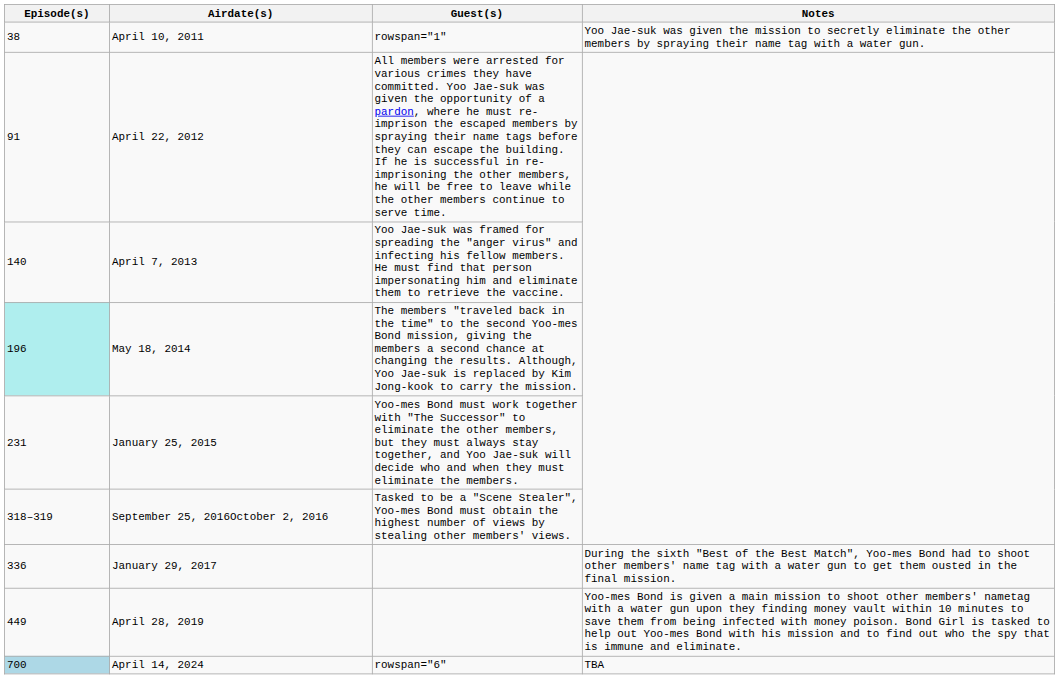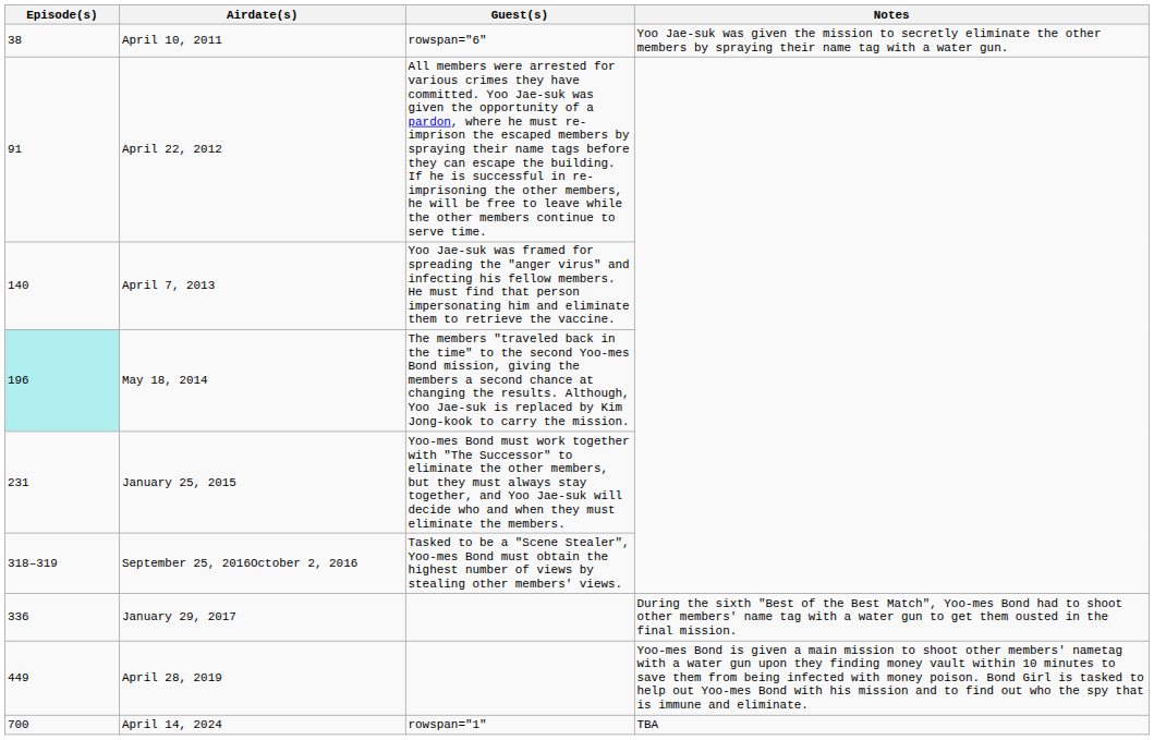 <table class="wikitable">
 <tr>
 <th style="width:10%;">Episode(s)</th>
 <th style="width:25%;">Airdate(s)</th>
 <th style="width:20%;">Guest(s)</th>
 <th style="width:55%;">Notes</th>
 </tr>
 <tr>
 <td>38</td>
 <td>April 10, 2011</td>
-<td>rowspan="1" </td>
+<td>rowspan="6" </td>
 <td>Yoo Jae-suk was given the mission to secretly eliminate the other members by spraying their name tag with a water gun.</td>
 </tr>
 <tr>
 <td>91</td>
 <td>April 22, 2012</td>
 <td>All members were arrested for various crimes they have committed. Yoo Jae-suk was given the opportunity of a <a href='#'>pardon</a>, where he must re-imprison the escaped members by spraying their name tags before they can escape the building. If he is successful in re-imprisoning the other members, he will be free to leave while the other members continue to serve time.</td>
 </tr>
 <tr>
 <td>140</td>
 <td>April 7, 2013</td>
 <td>Yoo Jae-suk was framed for spreading the "anger virus" and infecting his fellow members. He must find that person impersonating him and eliminate them to retrieve the vaccine.</td>
 </tr>
 <tr>
 <td style="background: paleturquoise;">196</td>
 <td>May 18, 2014</td>
 <td>The members "traveled back in the time" to the second Yoo-mes Bond mission, giving the members a second chance at changing the results. Although, Yoo Jae-suk is replaced by Kim Jong-kook to carry the mission.</td>
 </tr>
 <tr>
 <td>231</td>
 <td>January 25, 2015</td>
 <td>Yoo-mes Bond must work together with "The Successor" to eliminate the other members, but they must always stay together, and Yoo Jae-suk will decide who and when they must eliminate the members.</td>
 </tr>
 <tr>
 <td>318–319</td>
 <td>September 25, 2016October 2, 2016</td>
 <td>Tasked to be a "Scene Stealer", Yoo-mes Bond must obtain the highest number of views by stealing other members' views.</td>
 </tr>
 <tr>
 <td>336</td>
 <td>January 29, 2017</td>
 <td></td>
 <td>During the sixth "Best of the Best Match", Yoo-mes Bond had to shoot other members' name tag with a water gun to get them ousted in the final mission.</td>
 </tr>
 <tr>
 <td>449</td>
 <td>April 28, 2019</td>
 <td></td>
 <td>Yoo-mes Bond is given a main mission to shoot other members' nametag with a water gun upon they finding money vault within 10 minutes to save them from being infected with money poison. Bond Girl is tasked to help out Yoo-mes Bond with his mission and to find out who the spy that is immune and eliminate.</td>
 </tr>
 <tr>
-<td style="background: lightblue;">700</td>
+<td>700</td>
 <td>April 14, 2024</td>
-<td>rowspan="6" </td>
+<td>rowspan="1" </td>
 <td>TBA</td>
 </tr>
 </table>
